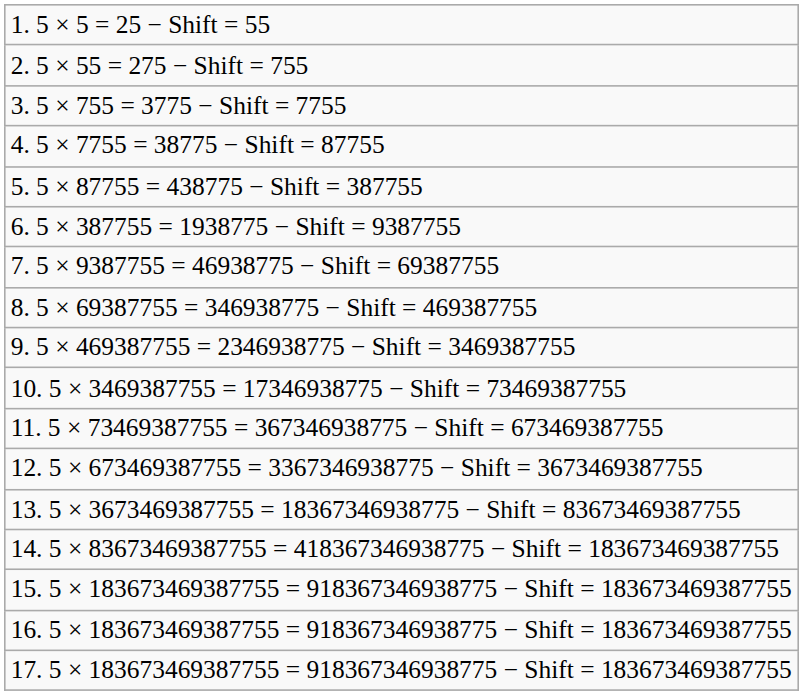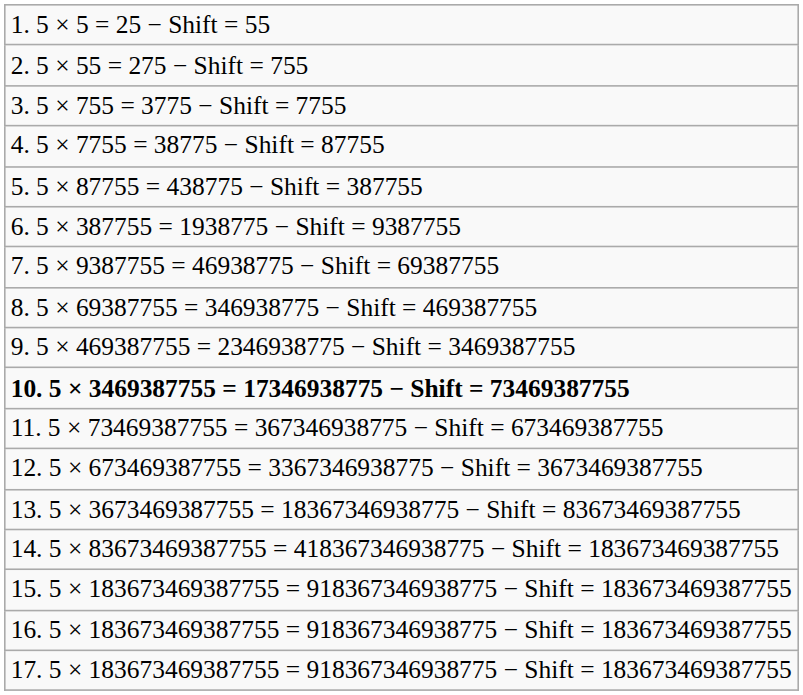 <table class="wikitable">
 <tr>
 <td>1. 5 × 5 = 25 − Shift = 55</td>
 </tr>
 <tr>
 <td>2. 5 × 55 = 275 − Shift = 755</td>
 </tr>
 <tr>
 <td>3. 5 × 755 = 3775 − Shift = 7755</td>
 </tr>
 <tr>
 <td>4. 5 × 7755 = 38775 − Shift = 87755</td>
 </tr>
 <tr>
 <td>5. 5 × 87755 = 438775 − Shift = 387755</td>
 </tr>
 <tr>
 <td>6. 5 × 387755 = 1938775 − Shift = 9387755</td>
 </tr>
 <tr>
 <td>7. 5 × 9387755 = 46938775 − Shift = 69387755</td>
 </tr>
 <tr>
 <td>8. 5 × 69387755 = 346938775 − Shift = 469387755</td>
 </tr>
 <tr>
 <td>9. 5 × 469387755 = 2346938775 − Shift = 3469387755</td>
 </tr>
 <tr>
-<td>10. 5 × 3469387755 = 17346938775 − Shift = 73469387755</td>
+<td><strong>10. 5 × 3469387755 = 17346938775 − Shift = 73469387755</strong></td>
 </tr>
 <tr>
 <td>11. 5 × 73469387755 = 367346938775 − Shift = 673469387755</td>
 </tr>
 <tr>
 <td>12. 5 × 673469387755 = 3367346938775 − Shift = 3673469387755</td>
 </tr>
 <tr>
 <td>13. 5 × 3673469387755 = 18367346938775 − Shift = 83673469387755</td>
 </tr>
 <tr>
 <td>14. 5 × 83673469387755 = 418367346938775 − Shift = 183673469387755</td>
 </tr>
 <tr>
 <td>15. 5 × 183673469387755 = 918367346938775 − Shift = 183673469387755</td>
 </tr>
 <tr>
 <td>16. 5 × 183673469387755 = 918367346938775 − Shift = 183673469387755</td>
 </tr>
 <tr>
 <td>17. 5 × 183673469387755 = 918367346938775 − Shift = 183673469387755</td>
 </tr>
 </table>
